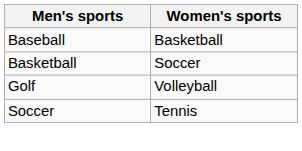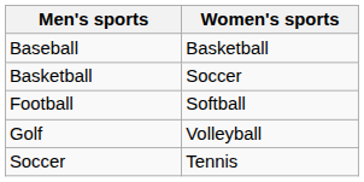 <table class="wikitable"; style= "text-align: ">
 <tr>
 <th width=150px>Men's sports</th>
 <th width=150px>Women's sports</th>
 </tr>
 <tr>
 <td>Baseball</td>
 <td>Basketball</td>
 </tr>
 <tr>
 <td>Basketball</td>
 <td>Soccer</td>
 </tr>
 <tr>
+<td>Football</td>
+<td>Softball</td>
+</tr>
+<tr>
 <td>Golf</td>
 <td>Volleyball</td>
 </tr>
 <tr>
 <td>Soccer</td>
 <td>Tennis</td>
 </tr>
 </table>
